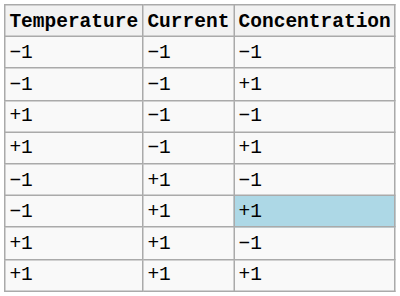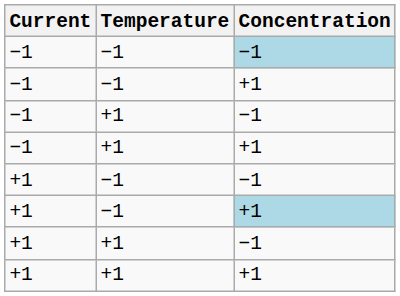 <table class="wikitable">
 <tr>
+<th>Current</th>
 <th>Temperature</th>
-<th>Current</th>
 <th>Concentration</th>
 </tr>
 <tr>
 <td>−1</td>
 <td>−1</td>
-<td>−1</td>
+<td style="background: lightblue;">−1</td>
 </tr>
 <tr>
 <td>−1</td>
-<td>−1</td>
-<td>+1</td>
-</tr>
-<tr>
-<td>+1</td>
-<td>−1</td>
-<td>−1</td>
-</tr>
-<tr>
-<td>+1</td>
 <td>−1</td>
 <td>+1</td>
 </tr>
 <tr>
 <td>−1</td>
 <td>+1</td>
 <td>−1</td>
 </tr>
 <tr>
 <td>−1</td>
 <td>+1</td>
+<td>+1</td>
+</tr>
+<tr>
+<td>+1</td>
+<td>−1</td>
+<td>−1</td>
+</tr>
+<tr>
+<td>+1</td>
+<td>−1</td>
 <td style="background: lightblue;">+1</td>
 </tr>
 <tr>
 <td>+1</td>
 <td>+1</td>
 <td>−1</td>
 </tr>
 <tr>
 <td>+1</td>
 <td>+1</td>
 <td>+1</td>
 </tr>
 </table>
